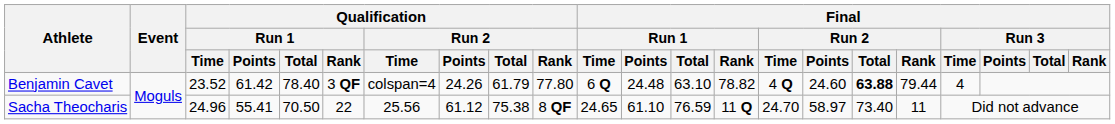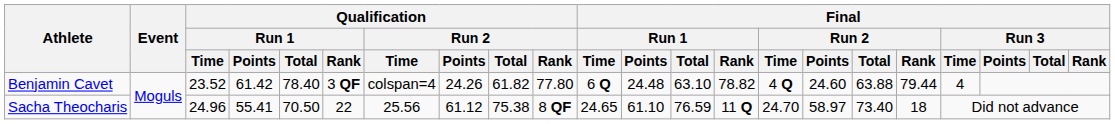 <table class=wikitable style=font-size:90%;text-align:center>
 <tr>
 <th rowspan=3>Athlete</th>
 <th rowspan=3>Event</th>
 <th colspan=8>Qualification</th>
 <th colspan=12>Final</th>
 </tr>
 <tr style=font-size:95%>
 <th colspan=4>Run 1</th>
 <th colspan=4>Run 2</th>
 <th colspan=4>Run 1</th>
 <th colspan=4>Run 2</th>
 <th colspan=4>Run 3</th>
 </tr>
 <tr style=font-size:95%>
 <th>Time</th>
 <th>Points</th>
 <th>Total</th>
 <th>Rank</th>
 <th>Time</th>
 <th>Points</th>
 <th>Total</th>
 <th>Rank</th>
 <th>Time</th>
 <th>Points</th>
 <th>Total</th>
 <th>Rank</th>
 <th>Time</th>
 <th>Points</th>
 <th>Total</th>
 <th>Rank</th>
 <th>Time</th>
 <th>Points</th>
 <th>Total</th>
 <th>Rank</th>
 </tr>
 <tr>
 <td align=left><a href='#'>Benjamin Cavet</a></td>
 <td align=left rowspan=2><a href='#'>Moguls</a></td>
 <td>23.52</td>
 <td>61.42</td>
 <td>78.40</td>
 <td>3 <strong>QF</strong></td>
 <td>colspan=4 </td>
 <td>24.26</td>
-<td>61.79</td>
+<td>61.82</td>
 <td>77.80</td>
 <td>6 <strong>Q</strong></td>
 <td>24.48</td>
 <td>63.10</td>
 <td>78.82</td>
 <td>4 <strong>Q</strong></td>
 <td>24.60</td>
-<td><strong>63.88</strong></td>
+<td>63.88</td>
 <td>79.44</td>
 <td>4</td>
 </tr>
 <tr>
 <td align=left><a href='#'>Sacha Theocharis</a></td>
 <td>24.96</td>
 <td>55.41</td>
 <td>70.50</td>
 <td>22</td>
 <td>25.56</td>
 <td>61.12</td>
 <td>75.38</td>
 <td>8 <strong>QF</strong></td>
 <td>24.65</td>
 <td>61.10</td>
 <td>76.59</td>
 <td>11 <strong>Q</strong></td>
 <td>24.70</td>
 <td>58.97</td>
 <td>73.40</td>
-<td>11</td>
+<td>18</td>
 <td colspan=4>Did not advance</td>
 </tr>
 </table>
